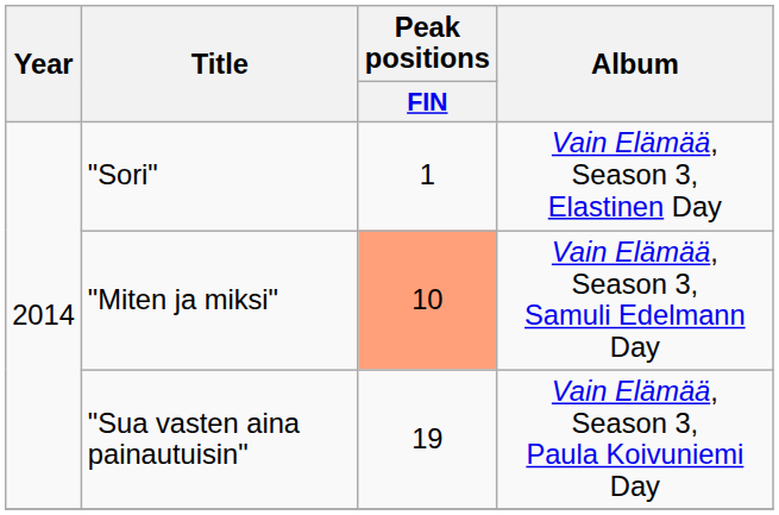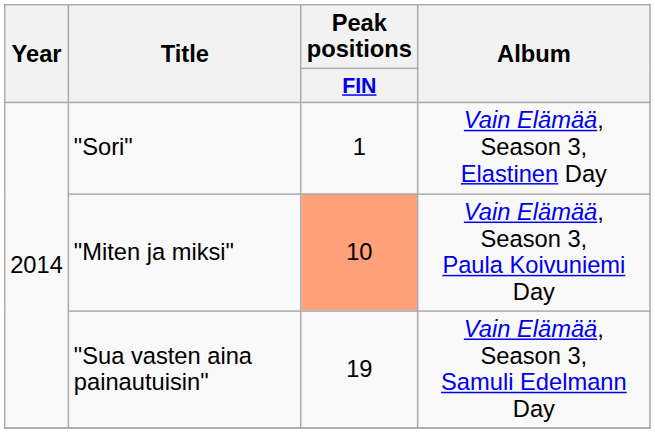 <table class="wikitable">
 <tr>
 <th rowspan="2" width="10">Year</th>
 <th rowspan="2" width="150">Title</th>
 <th colspan="1" width="20">Peak positions</th>
 <th rowspan="2" width="150">Album</th>
 </tr>
 <tr>
 <th scope="col" style="width:3em;font-size:90%;"><a href='#'>FIN</a><br></th>
 </tr>
 <tr>
 <td style="text-align:center;" rowspan=3>2014</td>
 <td>"Sori"</td>
 <td style="text-align:center;">1</td>
 <td style="text-align:center;"><em><a href='#'>Vain Elämää</a></em>, Season 3, <br><a href='#'>Elastinen</a> Day</td>
 </tr>
 <tr>
 <td>"Miten ja miksi"</td>
 <td style="background: lightsalmon; text-align:center;">10</td>
-<td style="text-align:center;"><em><a href='#'>Vain Elämää</a></em>, Season 3, <br><a href='#'>Samuli Edelmann</a> Day</td>
+<td style="text-align:center;"><em><a href='#'>Vain Elämää</a></em>, Season 3, <br><a href='#'>Paula Koivuniemi</a> Day</td>
 </tr>
 <tr>
 <td>"Sua vasten aina painautuisin"</td>
 <td style="text-align:center;">19</td>
-<td style="text-align:center;"><em><a href='#'>Vain Elämää</a></em>, Season 3, <br><a href='#'>Paula Koivuniemi</a> Day</td>
+<td style="text-align:center;"><em><a href='#'>Vain Elämää</a></em>, Season 3, <br><a href='#'>Samuli Edelmann</a> Day</td>
 </tr>
 <tr>
 </tr>
 </table>
